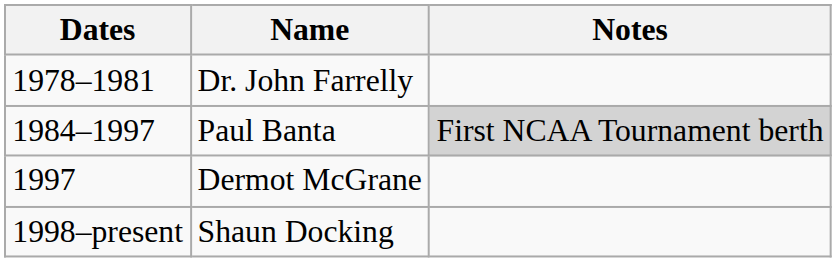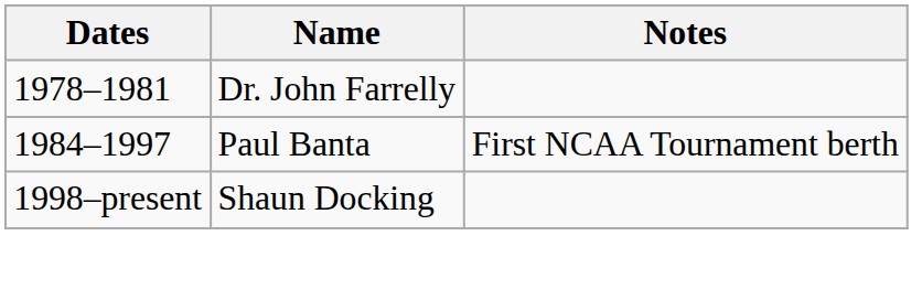 <table class="wikitable">
 <tr>
 <th width=px>Dates</th>
 <th width=px>Name</th>
 <th width=px>Notes</th>
 </tr>
 <tr>
 <td>1978–1981</td>
 <td> Dr. John Farrelly</td>
 <td></td>
 </tr>
 <tr>
 <td>1984–1997</td>
 <td> Paul Banta</td>
-<td style="background: lightgrey;">First NCAA Tournament berth</td>
-</tr>
-<tr>
-<td>1997</td>
-<td> Dermot McGrane</td>
-<td></td>
+<td>First NCAA Tournament berth</td>
 </tr>
 <tr>
 <td>1998–present</td>
 <td> Shaun Docking</td>
 <td></td>
 </tr>
 </table>
